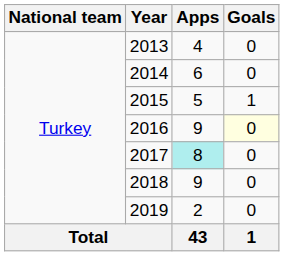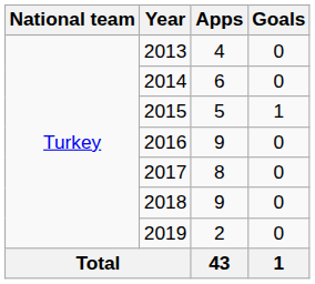 <table class="wikitable" style="text-align: center;">
 <tr>
 <th>National team</th>
 <th>Year</th>
 <th>Apps</th>
 <th>Goals</th>
 </tr>
 <tr>
 <td rowspan="7"><a href='#'>Turkey</a></td>
 <td>2013</td>
 <td>4</td>
 <td>0</td>
 </tr>
 <tr>
 <td>2014</td>
 <td>6</td>
 <td>0</td>
 </tr>
 <tr>
 <td>2015</td>
 <td>5</td>
 <td>1</td>
 </tr>
 <tr>
 <td>2016</td>
 <td>9</td>
-<td style="background: lightyellow;">0</td>
+<td>0</td>
 </tr>
 <tr>
 <td>2017</td>
-<td style="background: paleturquoise;">8</td>
+<td>8</td>
 <td>0</td>
 </tr>
 <tr>
 <td>2018</td>
 <td>9</td>
 <td>0</td>
 </tr>
 <tr>
 <td>2019</td>
 <td>2</td>
 <td>0</td>
 </tr>
 <tr>
 <th colspan="2">Total</th>
 <th>43</th>
 <th>1</th>
 </tr>
 </table>
